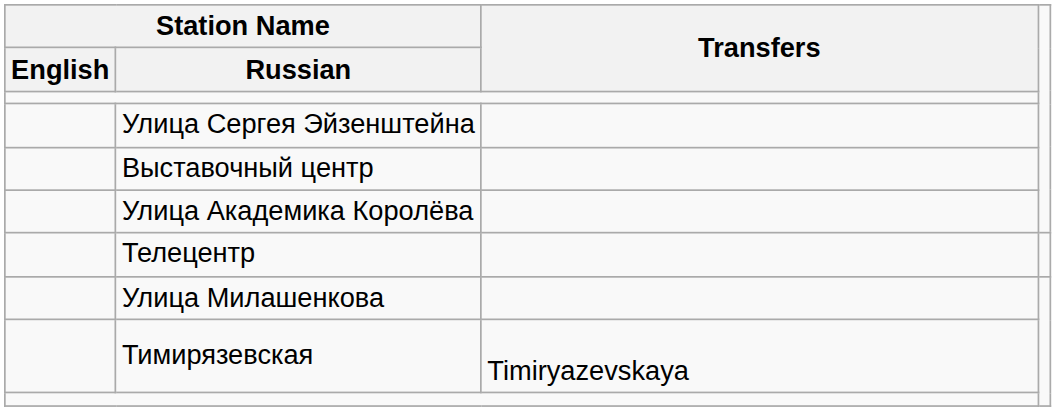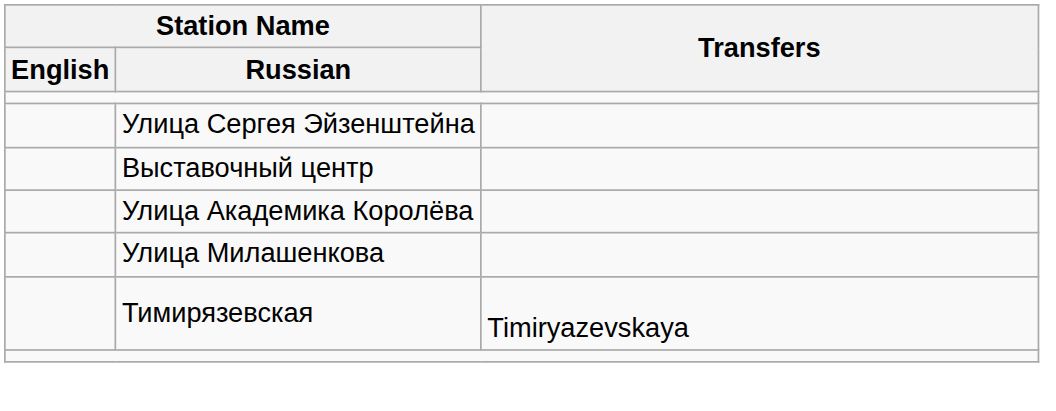 <table class="wikitable">
 <tr>
 <th colspan="2" style="min-width: 165px;">Station Name</th>
 <th rowspan="2" style="min-width: 320px;">Transfers</th>
 </tr>
 <tr>
 <th>English</th>
 <th>Russian</th>
 </tr>
 <tr style="background: #">
 <td colspan="3"></td>
 </tr>
 <tr>
 <td></td>
 <td>Улица Сергея Эйзенштейна </td>
 <td></td>
 </tr>
 <tr>
 <td></td>
 <td>Выставочный центр </td>
 <td></td>
 </tr>
 <tr>
 <td></td>
 <td>Улица Академика Королёва </td>
 <td></td>
 </tr>
 <tr>
 <td></td>
-<td>Телецентр </td>
-<td></td>
-<td></td>
-</tr>
-<tr>
-<td></td>
 <td>Улица Милашенкова </td>
 <td></td>
 </tr>
 <tr>
 <td></td>
 <td>Тимирязевская </td>
 <td><br> Timiryazevskaya</td>
 </tr>
 <tr style="background: #">
 <td colspan="3"></td>
 </tr>
 </table>
